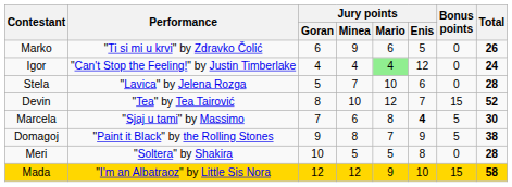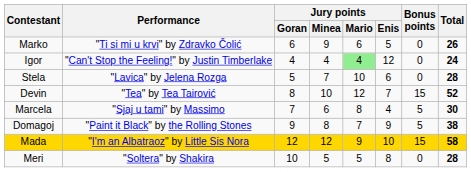 <table class="wikitable sortable" style="text-align: center;">
 <tr>
 <th rowspan="2">Contestant</th>
 <th rowspan="2">Performance</th>
 <th colspan="4">Jury points</th>
 <th rowspan="2">Bonus<br>points</th>
 <th rowspan="2">Total</th>
 </tr>
 <tr>
 <th>Goran</th>
 <th>Minea</th>
 <th>Mario</th>
 <th>Enis</th>
 </tr>
 <tr>
 <td>Marko</td>
 <td>"<a href='#'>Ti si mi u krvi</a>" by <a href='#'>Zdravko Čolić</a></td>
 <td>6</td>
 <td>9</td>
 <td>6</td>
 <td>5</td>
 <td>0</td>
 <td><strong>26</strong></td>
 </tr>
 <tr>
 <td>Igor</td>
 <td>"<a href='#'>Can't Stop the Feeling!</a>" by <a href='#'>Justin Timberlake</a></td>
 <td>4</td>
 <td>4</td>
 <td style="background: lightgreen;">4</td>
 <td>12</td>
 <td>0</td>
 <td><strong>24</strong></td>
 </tr>
 <tr>
 <td>Stela</td>
 <td>"<a href='#'>Lavica</a>" by <a href='#'>Jelena Rozga</a></td>
 <td>5</td>
 <td>7</td>
 <td>10</td>
 <td>6</td>
 <td>0</td>
 <td><strong>28</strong></td>
 </tr>
 <tr>
 <td>Devin</td>
 <td>"<a href='#'>Tea</a>" by <a href='#'>Tea Tairović</a></td>
 <td>8</td>
 <td>10</td>
 <td>12</td>
 <td>7</td>
 <td>15</td>
 <td><strong>52</strong></td>
 </tr>
 <tr>
 <td>Marcela</td>
 <td>"<a href='#'>Sjaj u tami</a>" by <a href='#'>Massimo</a></td>
 <td>7</td>
 <td>6</td>
 <td>8</td>
-<td><strong>4</strong></td>
+<td>4</td>
 <td>5</td>
 <td><strong>30</strong></td>
 </tr>
 <tr>
 <td>Domagoj</td>
 <td>"<a href='#'>Paint it Black</a>" by <a href='#'>the Rolling Stones</a></td>
 <td>9</td>
 <td>8</td>
 <td>7</td>
 <td>9</td>
 <td>5</td>
 <td><strong>38</strong></td>
 </tr>
+<tr style="background-color:gold;">
+<td>Mada</td>
+<td>"<a href='#'>I'm an Albatraoz</a>" by <a href='#'>Little Sis Nora</a></td>
+<td>12</td>
+<td>12</td>
+<td>9</td>
+<td>10</td>
+<td>15</td>
+<td><strong>58</strong></td>
+</tr>
 <tr>
 <td>Meri</td>
 <td>"<a href='#'>Soltera</a>" by <a href='#'>Shakira</a></td>
 <td>10</td>
 <td>5</td>
 <td>5</td>
 <td>8</td>
 <td>0</td>
 <td><strong>28</strong></td>
 </tr>
-<tr style="background-color:gold;">
-<td>Mada</td>
-<td>"<a href='#'>I'm an Albatraoz</a>" by <a href='#'>Little Sis Nora</a></td>
-<td>12</td>
-<td>12</td>
-<td>9</td>
-<td>10</td>
-<td>15</td>
-<td><strong>58</strong></td>
-</tr>
 </table>
